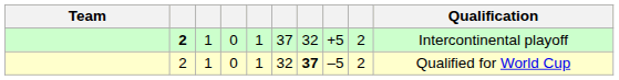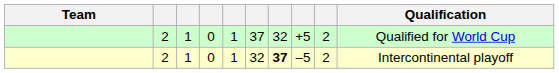 <table class="wikitable" style="text-align:center">
 <tr style="background:#bdb76b;">
 <th style="width:170px">Team</th>
 <th width="20"></th>
 <th width="20"></th>
 <th width="20"></th>
 <th width="20"></th>
 <th width="20"></th>
 <th width="20"></th>
 <th width="20"></th>
 <th width="20"></th>
 <th width="250">Qualification</th>
 </tr>
 <tr style="background:#cfc;">
 <td style="text-align:left;"></td>
-<td><strong>2</strong></td>
+<td>2</td>
 <td>1</td>
 <td>0</td>
 <td>1</td>
 <td>37</td>
 <td>32</td>
 <td>+5</td>
 <td>2</td>
-<td>Intercontinental playoff</td>
+<td>Qualified for <a href='#'>World Cup</a></td>
 </tr>
 <tr style="background:#ffc">
 <td style="text-align:left;"></td>
 <td>2</td>
 <td>1</td>
 <td>0</td>
 <td>1</td>
 <td>32</td>
 <td><strong>37</strong></td>
 <td>–5</td>
 <td>2</td>
-<td>Qualified for <a href='#'>World Cup</a></td>
+<td>Intercontinental playoff</td>
 </tr>
 </table>
